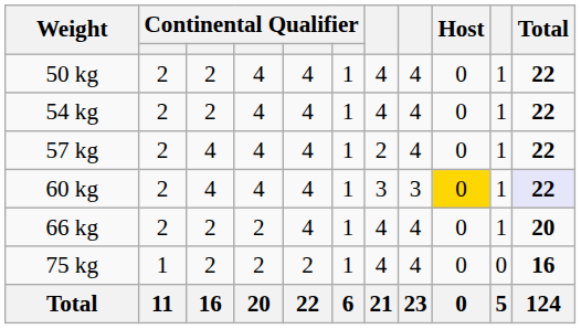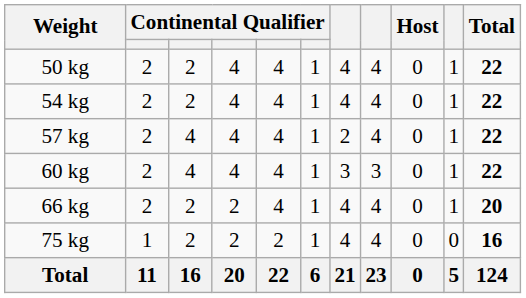 <table class="wikitable" style="text-align:center; font-size:95%;">
 <tr>
 <th width=80 rowspan=2>Weight</th>
 <th colspan=5>Continental Qualifier</th>
 <th rowspan=2></th>
 <th rowspan=2></th>
 <th rowspan=2>Host</th>
 <th rowspan=2></th>
 <th rowspan=2>Total</th>
 </tr>
 <tr style="font-size:95%">
 <th></th>
 <th></th>
 <th></th>
 <th></th>
 <th></th>
 </tr>
 <tr>
 <td>50 kg</td>
 <td>2</td>
 <td>2</td>
 <td>4</td>
 <td>4</td>
 <td>1</td>
 <td>4</td>
 <td>4</td>
 <td>0</td>
 <td>1</td>
 <td><strong>22</strong></td>
 </tr>
 <tr>
 <td>54 kg</td>
 <td>2</td>
 <td>2</td>
 <td>4</td>
 <td>4</td>
 <td>1</td>
 <td>4</td>
 <td>4</td>
 <td>0</td>
 <td>1</td>
 <td><strong>22</strong></td>
 </tr>
 <tr>
 <td>57 kg</td>
 <td>2</td>
 <td>4</td>
 <td>4</td>
 <td>4</td>
 <td>1</td>
 <td>2</td>
 <td>4</td>
 <td>0</td>
 <td>1</td>
 <td><strong>22</strong></td>
 </tr>
 <tr>
 <td>60 kg</td>
 <td>2</td>
 <td>4</td>
 <td>4</td>
 <td>4</td>
 <td>1</td>
 <td>3</td>
 <td>3</td>
-<td style="background: gold;">0</td>
+<td>0</td>
 <td>1</td>
-<td style="background: lavender;"><strong>22</strong></td>
+<td><strong>22</strong></td>
 </tr>
 <tr>
 <td>66 kg</td>
 <td>2</td>
 <td>2</td>
 <td>2</td>
 <td>4</td>
 <td>1</td>
 <td>4</td>
 <td>4</td>
 <td>0</td>
 <td>1</td>
 <td><strong>20</strong></td>
 </tr>
 <tr>
 <td>75 kg</td>
 <td>1</td>
 <td>2</td>
 <td>2</td>
 <td>2</td>
 <td>1</td>
 <td>4</td>
 <td>4</td>
 <td>0</td>
 <td>0</td>
 <td><strong>16</strong></td>
 </tr>
 <tr>
 <th>Total</th>
 <th>11</th>
 <th>16</th>
 <th>20</th>
 <th>22</th>
 <th>6</th>
 <th>21</th>
 <th>23</th>
 <th>0</th>
 <th>5</th>
 <th>124</th>
 </tr>
 </table>
